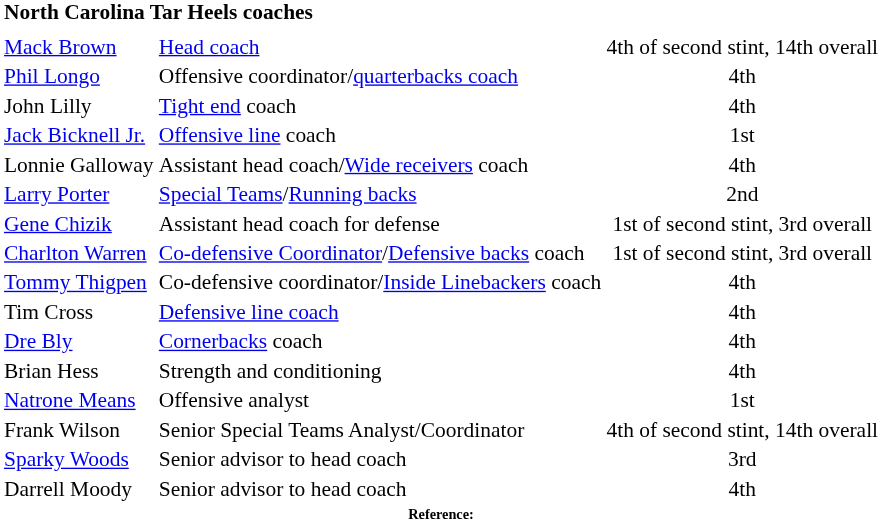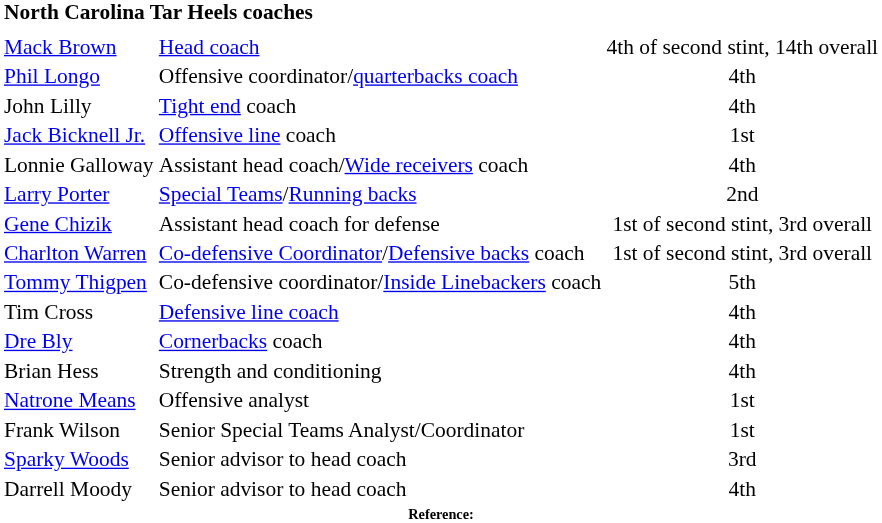 <table class="toccolours" style="text-align: left;">
 <tr>
 <td colspan="9"><strong>North Carolina Tar Heels coaches</strong></td>
 </tr>
 <tr>
 <td style="font-size: 95%;" valign="top"></td>
 </tr>
 <tr>
 <td><a href='#'>Mack Brown</a></td>
 <td><a href='#'>Head coach</a></td>
 <td align=center>4th of second stint, 14th overall</td>
 </tr>
 <tr>
 <td><a href='#'>Phil Longo</a></td>
 <td>Offensive coordinator/<a href='#'>quarterbacks coach</a></td>
 <td align=center>4th</td>
 </tr>
 <tr>
 <td>John Lilly</td>
 <td><a href='#'>Tight end</a> coach</td>
 <td align=center>4th</td>
 </tr>
 <tr>
 <td><a href='#'>Jack Bicknell Jr.</a></td>
 <td><a href='#'>Offensive line</a> coach</td>
 <td align=center>1st</td>
 </tr>
 <tr>
 <td>Lonnie Galloway</td>
 <td>Assistant head coach/<a href='#'>Wide receivers</a> coach</td>
 <td align=center>4th</td>
 </tr>
 <tr>
 <td><a href='#'>Larry Porter</a></td>
 <td><a href='#'>Special Teams</a>/<a href='#'>Running backs</a></td>
 <td align=center>2nd</td>
 </tr>
 <tr>
 <td><a href='#'>Gene Chizik</a></td>
 <td>Assistant head coach for defense</td>
 <td align=center>1st of second stint, 3rd overall</td>
 </tr>
 <tr>
 <td><a href='#'>Charlton Warren</a></td>
 <td><a href='#'>Co-defensive Coordinator</a>/<a href='#'>Defensive backs</a> coach</td>
 <td align=center>1st of second stint, 3rd overall</td>
 </tr>
 <tr>
 <td><a href='#'>Tommy Thigpen</a></td>
 <td>Co-defensive coordinator/<a href='#'>Inside Linebackers</a> coach</td>
-<td align=center>4th</td>
+<td align=center>5th</td>
 </tr>
 <tr>
 <td>Tim Cross</td>
 <td><a href='#'>Defensive line coach</a></td>
 <td align=center>4th</td>
 </tr>
 <tr>
 <td><a href='#'>Dre Bly</a></td>
 <td><a href='#'>Cornerbacks</a> coach</td>
 <td align=center>4th</td>
 </tr>
 <tr>
 <td>Brian Hess</td>
 <td>Strength and conditioning</td>
 <td align=center>4th</td>
 </tr>
 <tr>
 <td><a href='#'>Natrone Means</a></td>
 <td>Offensive analyst</td>
 <td align=center>1st</td>
 </tr>
 <tr>
 <td>Frank Wilson</td>
 <td>Senior Special Teams Analyst/Coordinator</td>
-<td align=center>4th of second stint, 14th overall</td>
+<td align=center>1st</td>
 </tr>
 <tr>
 <td><a href='#'>Sparky Woods</a></td>
 <td>Senior advisor to head coach</td>
 <td align=center>3rd</td>
 </tr>
 <tr>
 <td>Darrell Moody</td>
 <td>Senior advisor to head coach</td>
 <td align=center>4th</td>
 </tr>
 <tr>
 <td colspan="4"  style="font-size:8pt; text-align:center;"><strong>Reference:</strong></td>
 </tr>
 </table>
